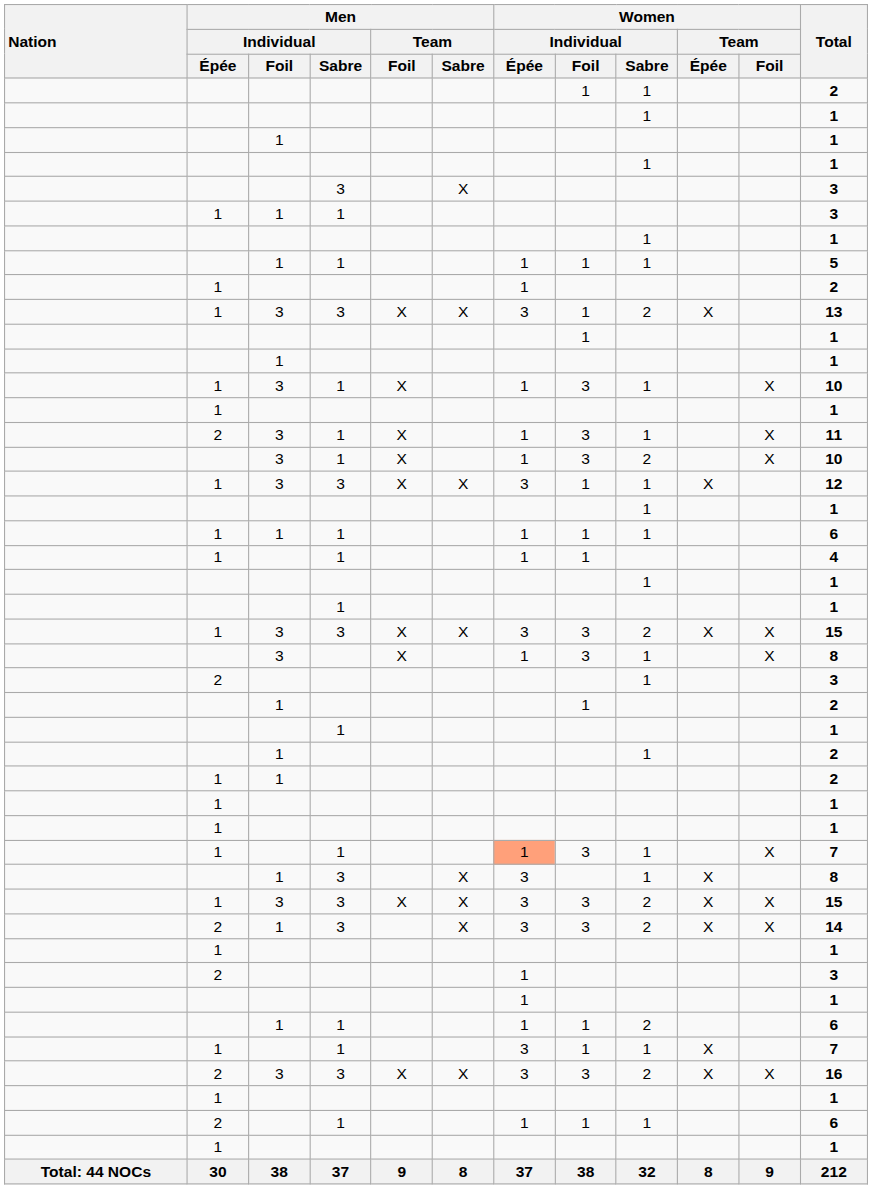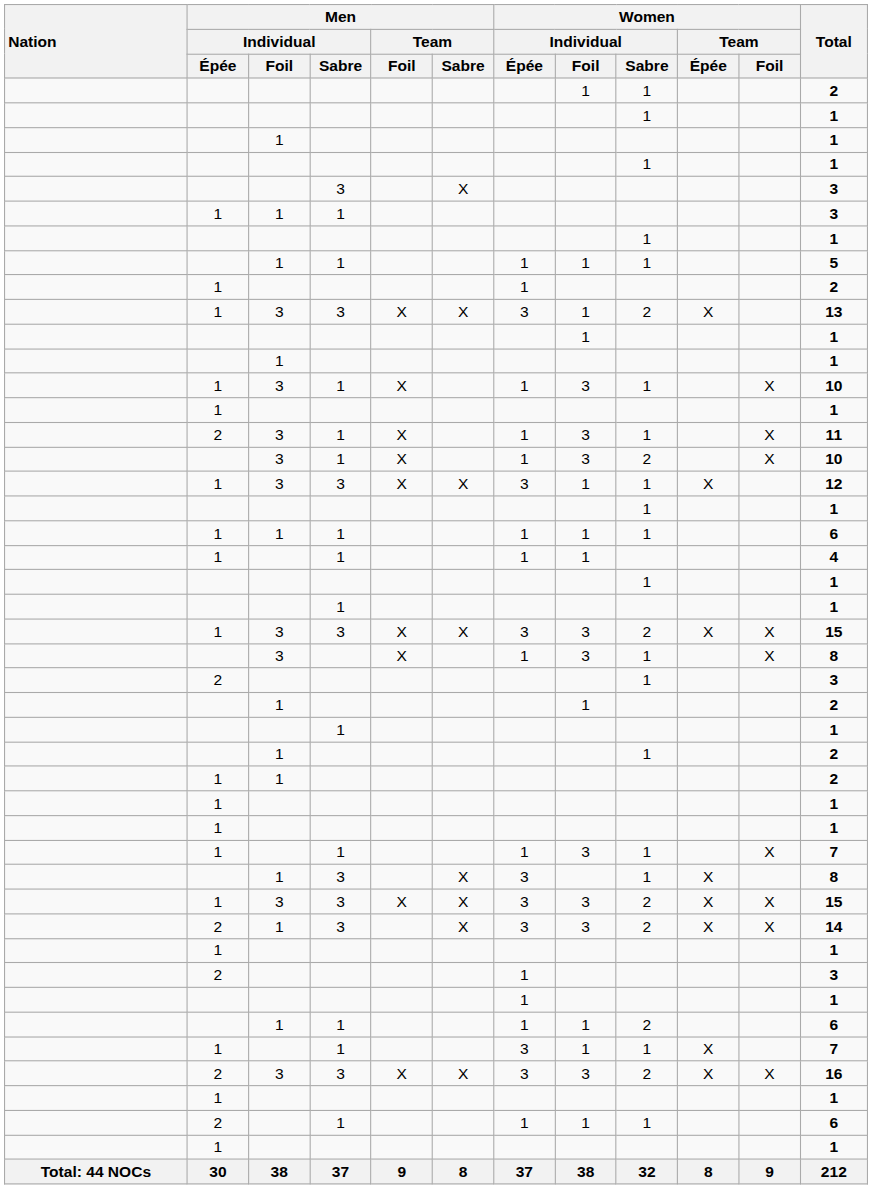 <table class="wikitable"  style="width:800px; text-align:center; font-size:90%;">
 <tr>
 <th rowspan="3" style="text-align:left;">Nation</th>
 <th colspan="5">Men</th>
 <th colspan="5">Women</th>
 <th rowspan="3">Total</th>
 </tr>
 <tr>
 <th colspan=3>Individual</th>
 <th colspan=2>Team</th>
 <th colspan=3>Individual</th>
 <th colspan=2>Team</th>
 </tr>
 <tr>
 <th width=50>Épée</th>
 <th width=50>Foil</th>
 <th width=50>Sabre</th>
 <th width=50>Foil</th>
 <th width=50>Sabre</th>
 <th width=50>Épée</th>
 <th width=50>Foil</th>
 <th width=50>Sabre</th>
 <th width=50>Épée</th>
 <th width=50>Foil</th>
 </tr>
 <tr>
 <td align=left></td>
 <td></td>
 <td></td>
 <td></td>
 <td></td>
 <td></td>
 <td></td>
 <td>1</td>
 <td>1</td>
 <td></td>
 <td></td>
 <td><strong>2</strong></td>
 </tr>
 <tr>
 <td align=left></td>
 <td></td>
 <td></td>
 <td></td>
 <td></td>
 <td></td>
 <td></td>
 <td></td>
 <td>1</td>
 <td></td>
 <td></td>
 <td><strong>1</strong></td>
 </tr>
 <tr>
 <td align=left></td>
 <td></td>
 <td>1</td>
 <td></td>
 <td></td>
 <td></td>
 <td></td>
 <td></td>
 <td></td>
 <td></td>
 <td></td>
 <td><strong>1</strong></td>
 </tr>
 <tr>
 <td align=left></td>
 <td></td>
 <td></td>
 <td></td>
 <td></td>
 <td></td>
 <td></td>
 <td></td>
 <td>1</td>
 <td></td>
 <td></td>
 <td><strong>1</strong></td>
 </tr>
 <tr>
 <td align=left></td>
 <td></td>
 <td></td>
 <td>3</td>
 <td></td>
 <td>X</td>
 <td></td>
 <td></td>
 <td></td>
 <td></td>
 <td></td>
 <td><strong>3</strong></td>
 </tr>
 <tr>
 <td align=left></td>
 <td>1</td>
 <td>1</td>
 <td>1</td>
 <td></td>
 <td></td>
 <td></td>
 <td></td>
 <td></td>
 <td></td>
 <td></td>
 <td><strong>3</strong></td>
 </tr>
 <tr>
 <td align=left></td>
 <td></td>
 <td></td>
 <td></td>
 <td></td>
 <td></td>
 <td></td>
 <td></td>
 <td>1</td>
 <td></td>
 <td></td>
 <td><strong>1</strong></td>
 </tr>
 <tr>
 <td align=left></td>
 <td></td>
 <td>1</td>
 <td>1</td>
 <td></td>
 <td></td>
 <td>1</td>
 <td>1</td>
 <td>1</td>
 <td></td>
 <td></td>
 <td><strong>5</strong></td>
 </tr>
 <tr>
 <td align=left></td>
 <td>1</td>
 <td></td>
 <td></td>
 <td></td>
 <td></td>
 <td>1</td>
 <td></td>
 <td></td>
 <td></td>
 <td></td>
 <td><strong>2</strong></td>
 </tr>
 <tr>
 <td align=left></td>
 <td>1</td>
 <td>3</td>
 <td>3</td>
 <td>X</td>
 <td>X</td>
 <td>3</td>
 <td>1</td>
 <td>2</td>
 <td>X</td>
 <td></td>
 <td><strong>13</strong></td>
 </tr>
 <tr>
 <td align=left></td>
 <td></td>
 <td></td>
 <td></td>
 <td></td>
 <td></td>
 <td></td>
 <td>1</td>
 <td></td>
 <td></td>
 <td></td>
 <td><strong>1</strong></td>
 </tr>
 <tr>
 <td align=left></td>
 <td></td>
 <td>1</td>
 <td></td>
 <td></td>
 <td></td>
 <td></td>
 <td></td>
 <td></td>
 <td></td>
 <td></td>
 <td><strong>1</strong></td>
 </tr>
 <tr>
 <td align=left></td>
 <td>1</td>
 <td>3</td>
 <td>1</td>
 <td>X</td>
 <td></td>
 <td>1</td>
 <td>3</td>
 <td>1</td>
 <td></td>
 <td>X</td>
 <td><strong>10</strong></td>
 </tr>
 <tr>
 <td align=left></td>
 <td>1</td>
 <td></td>
 <td></td>
 <td></td>
 <td></td>
 <td></td>
 <td></td>
 <td></td>
 <td></td>
 <td></td>
 <td><strong>1</strong></td>
 </tr>
 <tr>
 <td align=left></td>
 <td>2</td>
 <td>3</td>
 <td>1</td>
 <td>X</td>
 <td></td>
 <td>1</td>
 <td>3</td>
 <td>1</td>
 <td></td>
 <td>X</td>
 <td><strong>11</strong></td>
 </tr>
 <tr>
 <td align=left></td>
 <td></td>
 <td>3</td>
 <td>1</td>
 <td>X</td>
 <td></td>
 <td>1</td>
 <td>3</td>
 <td>2</td>
 <td></td>
 <td>X</td>
 <td><strong>10</strong></td>
 </tr>
 <tr>
 <td align=left></td>
 <td>1</td>
 <td>3</td>
 <td>3</td>
 <td>X</td>
 <td>X</td>
 <td>3</td>
 <td>1</td>
 <td>1</td>
 <td>X</td>
 <td></td>
 <td><strong>12</strong></td>
 </tr>
 <tr>
 <td align=left></td>
 <td></td>
 <td></td>
 <td></td>
 <td></td>
 <td></td>
 <td></td>
 <td></td>
 <td>1</td>
 <td></td>
 <td></td>
 <td><strong>1</strong></td>
 </tr>
 <tr>
 <td align=left></td>
 <td>1</td>
 <td>1</td>
 <td>1</td>
 <td></td>
 <td></td>
 <td>1</td>
 <td>1</td>
 <td>1</td>
 <td></td>
 <td></td>
 <td><strong>6</strong></td>
 </tr>
 <tr>
 <td align=left></td>
 <td>1</td>
 <td></td>
 <td>1</td>
 <td></td>
 <td></td>
 <td>1</td>
 <td>1</td>
 <td></td>
 <td></td>
 <td></td>
 <td><strong>4</strong></td>
 </tr>
 <tr>
 <td align=left></td>
 <td></td>
 <td></td>
 <td></td>
 <td></td>
 <td></td>
 <td></td>
 <td></td>
 <td>1</td>
 <td></td>
 <td></td>
 <td><strong>1</strong></td>
 </tr>
 <tr>
 <td align=left></td>
 <td></td>
 <td></td>
 <td>1</td>
 <td></td>
 <td></td>
 <td></td>
 <td></td>
 <td></td>
 <td></td>
 <td></td>
 <td><strong>1</strong></td>
 </tr>
 <tr>
 <td align=left></td>
 <td>1</td>
 <td>3</td>
 <td>3</td>
 <td>X</td>
 <td>X</td>
 <td>3</td>
 <td>3</td>
 <td>2</td>
 <td>X</td>
 <td>X</td>
 <td><strong>15</strong></td>
 </tr>
 <tr>
 <td align=left></td>
 <td></td>
 <td>3</td>
 <td></td>
 <td>X</td>
 <td></td>
 <td>1</td>
 <td>3</td>
 <td>1</td>
 <td></td>
 <td>X</td>
 <td><strong> 8</strong></td>
 </tr>
 <tr>
 <td align=left></td>
 <td>2</td>
 <td></td>
 <td></td>
 <td></td>
 <td></td>
 <td></td>
 <td></td>
 <td>1</td>
 <td></td>
 <td></td>
 <td><strong>3</strong></td>
 </tr>
 <tr>
 <td align=left></td>
 <td></td>
 <td>1</td>
 <td></td>
 <td></td>
 <td></td>
 <td></td>
 <td>1</td>
 <td></td>
 <td></td>
 <td></td>
 <td><strong>2</strong></td>
 </tr>
 <tr>
 <td align=left></td>
 <td></td>
 <td></td>
 <td>1</td>
 <td></td>
 <td></td>
 <td></td>
 <td></td>
 <td></td>
 <td></td>
 <td></td>
 <td><strong>1</strong></td>
 </tr>
 <tr>
 <td align=left></td>
 <td></td>
 <td>1</td>
 <td></td>
 <td></td>
 <td></td>
 <td></td>
 <td></td>
 <td>1</td>
 <td></td>
 <td></td>
 <td><strong>2</strong></td>
 </tr>
 <tr>
 <td align=left></td>
 <td>1</td>
 <td>1</td>
 <td></td>
 <td></td>
 <td></td>
 <td></td>
 <td></td>
 <td></td>
 <td></td>
 <td></td>
 <td><strong>2</strong></td>
 </tr>
 <tr>
 <td align=left></td>
 <td>1</td>
 <td></td>
 <td></td>
 <td></td>
 <td></td>
 <td></td>
 <td></td>
 <td></td>
 <td></td>
 <td></td>
 <td><strong>1</strong></td>
 </tr>
 <tr>
 <td align=left></td>
 <td>1</td>
 <td></td>
 <td></td>
 <td></td>
 <td></td>
 <td></td>
 <td></td>
 <td></td>
 <td></td>
 <td></td>
 <td><strong>1</strong></td>
 </tr>
 <tr>
 <td align=left></td>
 <td>1</td>
 <td></td>
 <td>1</td>
 <td></td>
 <td></td>
-<td style="background: lightsalmon;">1</td>
+<td>1</td>
 <td>3</td>
 <td>1</td>
 <td></td>
 <td>X</td>
 <td><strong>7</strong></td>
 </tr>
 <tr>
 <td align=left></td>
 <td></td>
 <td>1</td>
 <td>3</td>
 <td></td>
 <td>X</td>
 <td>3</td>
 <td></td>
 <td>1</td>
 <td>X</td>
 <td></td>
 <td><strong>8</strong></td>
 </tr>
 <tr>
 <td align=left></td>
 <td>1</td>
 <td>3</td>
 <td>3</td>
 <td>X</td>
 <td>X</td>
 <td>3</td>
 <td>3</td>
 <td>2</td>
 <td>X</td>
 <td>X</td>
 <td><strong>15</strong></td>
 </tr>
 <tr>
 <td align=left></td>
 <td>2</td>
 <td>1</td>
 <td>3</td>
 <td></td>
 <td>X</td>
 <td>3</td>
 <td>3</td>
 <td>2</td>
 <td>X</td>
 <td>X</td>
 <td><strong>14</strong></td>
 </tr>
 <tr>
 <td align=left></td>
 <td>1</td>
 <td></td>
 <td></td>
 <td></td>
 <td></td>
 <td></td>
 <td></td>
 <td></td>
 <td></td>
 <td></td>
 <td><strong>1</strong></td>
 </tr>
 <tr>
 <td align=left></td>
 <td>2</td>
 <td></td>
 <td></td>
 <td></td>
 <td></td>
 <td>1</td>
 <td></td>
 <td></td>
 <td></td>
 <td></td>
 <td><strong>3</strong></td>
 </tr>
 <tr>
 <td align=left></td>
 <td></td>
 <td></td>
 <td></td>
 <td></td>
 <td></td>
 <td>1</td>
 <td></td>
 <td></td>
 <td></td>
 <td></td>
 <td><strong>1</strong></td>
 </tr>
 <tr>
 <td align=left></td>
 <td></td>
 <td>1</td>
 <td>1</td>
 <td></td>
 <td></td>
 <td>1</td>
 <td>1</td>
 <td>2</td>
 <td></td>
 <td></td>
 <td><strong>6</strong></td>
 </tr>
 <tr>
 <td align=left></td>
 <td>1</td>
 <td></td>
 <td>1</td>
 <td></td>
 <td></td>
 <td>3</td>
 <td>1</td>
 <td>1</td>
 <td>X</td>
 <td></td>
 <td><strong>7</strong></td>
 </tr>
 <tr>
 <td align=left></td>
 <td>2</td>
 <td>3</td>
 <td>3</td>
 <td>X</td>
 <td>X</td>
 <td>3</td>
 <td>3</td>
 <td>2</td>
 <td>X</td>
 <td>X</td>
 <td><strong>16</strong></td>
 </tr>
 <tr>
 <td align=left></td>
 <td>1</td>
 <td></td>
 <td></td>
 <td></td>
 <td></td>
 <td></td>
 <td></td>
 <td></td>
 <td></td>
 <td></td>
 <td><strong>1</strong></td>
 </tr>
 <tr>
 <td align=left></td>
 <td>2</td>
 <td></td>
 <td>1</td>
 <td></td>
 <td></td>
 <td>1</td>
 <td>1</td>
 <td>1</td>
 <td></td>
 <td></td>
 <td><strong>6</strong></td>
 </tr>
 <tr>
 <td align=left></td>
 <td>1</td>
 <td></td>
 <td></td>
 <td></td>
 <td></td>
 <td></td>
 <td></td>
 <td></td>
 <td></td>
 <td></td>
 <td><strong>1</strong></td>
 </tr>
 <tr>
 <th>Total: 44 NOCs</th>
 <th>30</th>
 <th>38</th>
 <th>37</th>
 <th>9</th>
 <th>8</th>
 <th>37</th>
 <th>38</th>
 <th>32</th>
 <th>8</th>
 <th>9</th>
 <th>212</th>
 </tr>
 </table>
